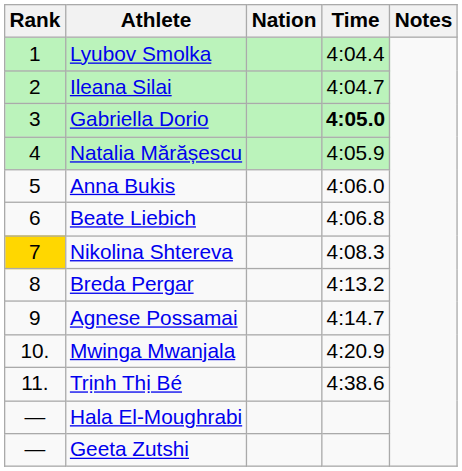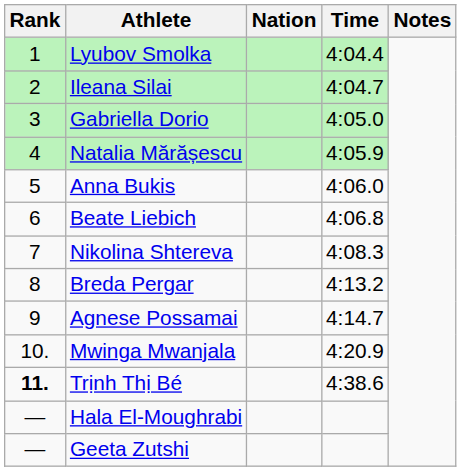 <table class="wikitable sortable" style="text-align:center">
 <tr>
 <th>Rank</th>
 <th>Athlete</th>
 <th>Nation</th>
 <th>Time</th>
 <th>Notes</th>
 </tr>
 <tr style="background:#bbf3bb;">
 <td>1</td>
 <td align=left><a href='#'>Lyubov Smolka</a></td>
 <td align=left></td>
 <td>4:04.4</td>
 </tr>
 <tr style="background:#bbf3bb;">
 <td>2</td>
 <td align=left><a href='#'>Ileana Silai</a></td>
 <td align=left></td>
 <td>4:04.7</td>
 </tr>
 <tr style="background:#bbf3bb;">
 <td>3</td>
 <td align=left><a href='#'>Gabriella Dorio</a></td>
 <td align=left></td>
-<td><strong>4:05.0</strong></td>
+<td>4:05.0</td>
 </tr>
 <tr style="background:#bbf3bb;">
 <td>4</td>
 <td align=left><a href='#'>Natalia Mărășescu</a></td>
 <td align=left></td>
 <td>4:05.9</td>
 </tr>
 <tr>
 <td>5</td>
 <td align=left><a href='#'>Anna Bukis</a></td>
 <td align=left></td>
 <td>4:06.0</td>
 </tr>
 <tr>
 <td>6</td>
 <td align=left><a href='#'>Beate Liebich</a></td>
 <td align=left></td>
 <td>4:06.8</td>
 </tr>
 <tr>
-<td style="background: gold;">7</td>
+<td>7</td>
 <td align=left><a href='#'>Nikolina Shtereva</a></td>
 <td align=left></td>
 <td>4:08.3</td>
 </tr>
 <tr>
 <td>8</td>
 <td align=left><a href='#'>Breda Pergar</a></td>
 <td align=left></td>
 <td>4:13.2</td>
 </tr>
 <tr>
 <td>9</td>
 <td align=left><a href='#'>Agnese Possamai</a></td>
 <td align=left></td>
 <td>4:14.7</td>
 </tr>
 <tr>
 <td>10.</td>
 <td align=left><a href='#'>Mwinga Mwanjala</a></td>
 <td align=left></td>
 <td>4:20.9</td>
 </tr>
 <tr>
-<td>11.</td>
+<td><strong>11.</strong></td>
 <td align=left><a href='#'>Trịnh Thị Bé</a></td>
 <td align=left></td>
 <td>4:38.6</td>
 </tr>
 <tr>
 <td>—</td>
 <td align=left><a href='#'>Hala El-Moughrabi</a></td>
 <td align=left></td>
 <td></td>
 </tr>
 <tr>
 <td>—</td>
 <td align=left><a href='#'>Geeta Zutshi</a></td>
 <td align=left></td>
 <td></td>
 </tr>
 </table>
